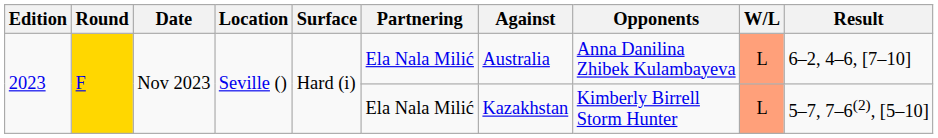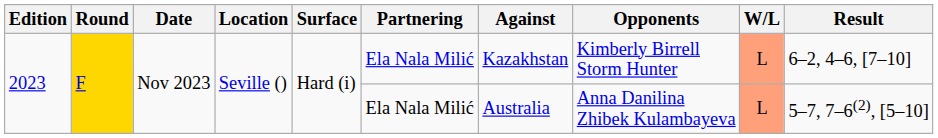 <table class="wikitable">
 <tr style="background:#eee;">
 <th>Edition</th>
 <th>Round</th>
 <th>Date</th>
 <th>Location</th>
 <th>Surface</th>
 <th>Partnering</th>
 <th>Against</th>
 <th>Opponents</th>
 <th>W/L</th>
 <th>Result</th>
 </tr>
 <tr>
 <td rowspan="2"><a href='#'>2023</a></td>
 <td rowspan="2" bgcolor="gold"><a href='#'>F</a></td>
 <td rowspan="2">Nov 2023</td>
 <td rowspan="2"><a href='#'>Seville</a> ()</td>
 <td rowspan="2">Hard (i)</td>
 <td><a href='#'>Ela Nala Milić</a></td>
-<td> <a href='#'>Australia</a></td>
-<td><a href='#'>Anna Danilina</a> <br> <a href='#'>Zhibek Kulambayeva</a></td>
+<td> <a href='#'>Kazakhstan</a></td>
+<td><a href='#'>Kimberly Birrell</a> <br> <a href='#'>Storm Hunter</a></td>
 <td style="text-align:center; background:#FFA07A;">L</td>
 <td>6–2, 4–6, [7–10]</td>
 </tr>
 <tr>
 <td>Ela Nala Milić</td>
-<td> <a href='#'>Kazakhstan</a></td>
-<td><a href='#'>Kimberly Birrell</a> <br> <a href='#'>Storm Hunter</a></td>
+<td> <a href='#'>Australia</a></td>
+<td><a href='#'>Anna Danilina</a> <br> <a href='#'>Zhibek Kulambayeva</a></td>
 <td style="text-align:center; background:#FFA07A;">L</td>
 <td>5–7, 7–6<sup>(2)</sup>, [5–10]</td>
 </tr>
 </table>
